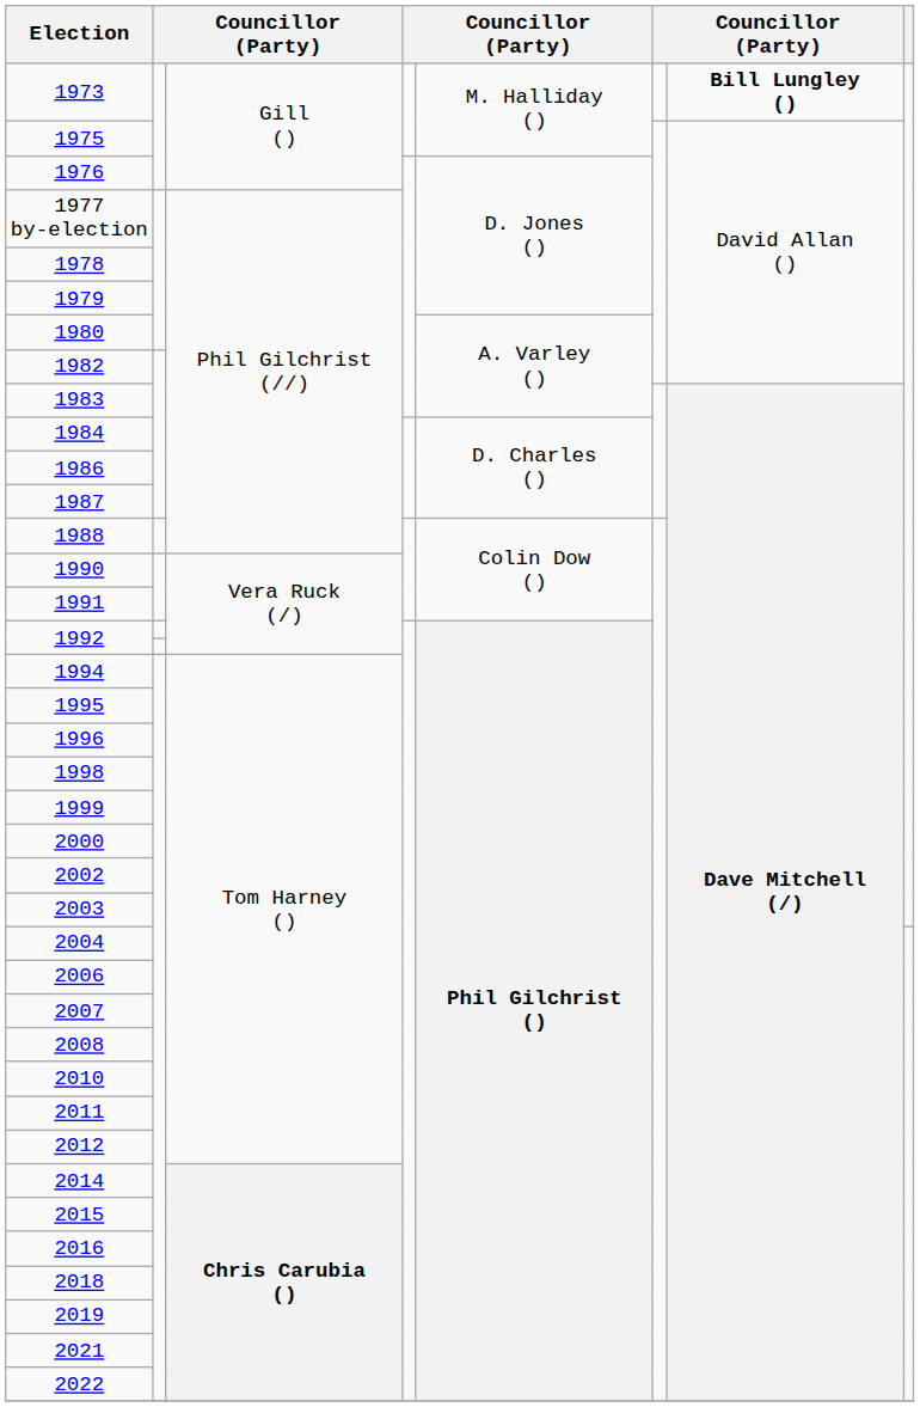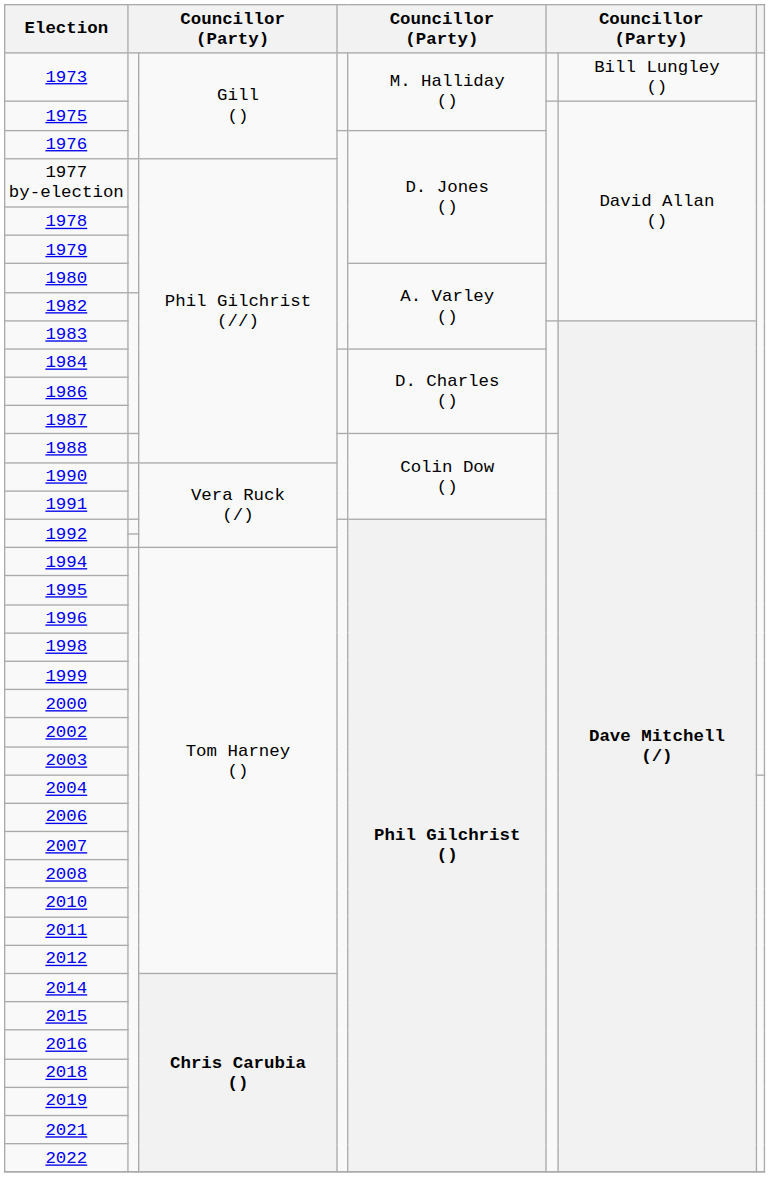 <table class="wikitable" style="text-align:center">
 <tr>
 <th>Election</th>
 <th scope="col" width="150" colspan = "2">Councillor<br> (Party)</th>
 <th scope="col" width="150" colspan = "2">Councillor<br> (Party)</th>
 <th scope="col" width="150" colspan = "2">Councillor<br> (Party)</th>
 <th></th>
 </tr>
 <tr>
 <td><a href='#'>1973</a></td>
 <td rowspan=3 style="background-color: "></td>
 <td rowspan=3>Gill<br>(<a href='#'></a>)</td>
 <td rowspan=2 style="background-color: "></td>
 <td rowspan=2>M. Halliday<br>(<a href='#'></a>)</td>
 <td style="background-color: "></td>
-<td><strong>Bill Lungley<br>(<a href='#'></a>)</strong></td>
+<td>Bill Lungley<br>(<a href='#'></a>)</td>
 <td rowspan=25></td>
 </tr>
 <tr>
 <td><a href='#'>1975</a></td>
 <td rowspan=7 style="background-color: "></td>
 <td rowspan=7>David Allan<br>(<a href='#'></a>)</td>
 </tr>
 <tr>
 <td><a href='#'>1976</a></td>
 <td rowspan=7 style="background-color: "></td>
 <td rowspan=4>D. Jones<br>(<a href='#'></a>)</td>
 </tr>
 <tr>
 <td>1977<br>by-election</td>
 <td rowspan=4 style="background-color: "></td>
 <td rowspan=10>Phil Gilchrist<br>(<a href='#'></a>/<a href='#'></a>/<a href='#'></a>)</td>
 </tr>
 <tr>
 <td><a href='#'>1978</a></td>
 </tr>
 <tr>
 <td><a href='#'>1979</a></td>
 </tr>
 <tr>
 <td><a href='#'>1980</a></td>
 <td rowspan=3>A. Varley<br>(<a href='#'></a>)</td>
 </tr>
 <tr>
 <td><a href='#'>1982</a></td>
 <td rowspan=5 style="background-color: "></td>
 </tr>
 <tr>
 <td><a href='#'>1983</a></td>
 <td rowspan=4 style="background-color: "></td>
 <th rowspan=31>Dave Mitchell<br>(<a href='#'></a>/<a href='#'></a>)</th>
 </tr>
 <tr>
 <td><a href='#'>1984</a></td>
 <td rowspan=3 style="background-color: "></td>
 <td rowspan=3>D. Charles<br>(<a href='#'></a>)</td>
 </tr>
 <tr>
 <td><a href='#'>1986</a></td>
 </tr>
 <tr>
 <td><a href='#'>1987</a></td>
 </tr>
 <tr>
 <td><a href='#'>1988</a></td>
 <td style="background-color: "></td>
 <td rowspan=3 style="background-color: "></td>
 <td rowspan=3>Colin Dow<br>(<a href='#'></a>)</td>
 <td rowspan=27 style="background-color: "></td>
 </tr>
 <tr>
 <td><a href='#'>1990</a></td>
 <td rowspan=2 style="background-color: "></td>
 <td rowspan=4>Vera Ruck<br>(<a href='#'></a>/<a href='#'></a>)</td>
 </tr>
 <tr>
 <td><a href='#'>1991</a></td>
 </tr>
 <tr>
 <td rowspan=2><a href='#'>1992</a></td>
 <td style="background-color: "></td>
 <td rowspan=24 style="background-color: "></td>
 <th rowspan=24>Phil Gilchrist<br>(<a href='#'></a>)</th>
 </tr>
 <tr>
 <td style="background-color: "></td>
 </tr>
 <tr>
 <td><a href='#'>1994</a></td>
 <td rowspan=22 style="background-color: "></td>
 <td rowspan=15>Tom Harney<br>(<a href='#'></a>)</td>
 </tr>
 <tr>
 <td><a href='#'>1995</a></td>
 </tr>
 <tr>
 <td><a href='#'>1996</a></td>
 </tr>
 <tr>
 <td><a href='#'>1998</a></td>
 </tr>
 <tr>
 <td><a href='#'>1999</a></td>
 </tr>
 <tr>
 <td><a href='#'>2000</a></td>
 </tr>
 <tr>
 <td><a href='#'>2002</a></td>
 </tr>
 <tr>
 <td><a href='#'>2003</a></td>
 </tr>
 <tr>
 <td><a href='#'>2004</a></td>
 <td rowspan=14></td>
 </tr>
 <tr>
 <td><a href='#'>2006</a></td>
 </tr>
 <tr>
 <td><a href='#'>2007</a></td>
 </tr>
 <tr>
 <td><a href='#'>2008</a></td>
 </tr>
 <tr>
 <td><a href='#'>2010</a></td>
 </tr>
 <tr>
 <td><a href='#'>2011</a></td>
 </tr>
 <tr>
 <td><a href='#'>2012</a></td>
 </tr>
 <tr>
 <td><a href='#'>2014</a></td>
 <th rowspan=7>Chris Carubia<br>(<a href='#'></a>)</th>
 </tr>
 <tr>
 <td><a href='#'>2015</a></td>
 </tr>
 <tr>
 <td><a href='#'>2016</a></td>
 </tr>
 <tr>
 <td><a href='#'>2018</a></td>
 </tr>
 <tr>
 <td><a href='#'>2019</a></td>
 </tr>
 <tr>
 <td><a href='#'>2021</a></td>
 </tr>
 <tr>
 <td><a href='#'>2022</a></td>
 </tr>
 <tr>
 </tr>
 </table>
